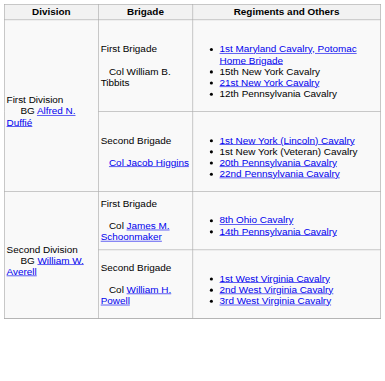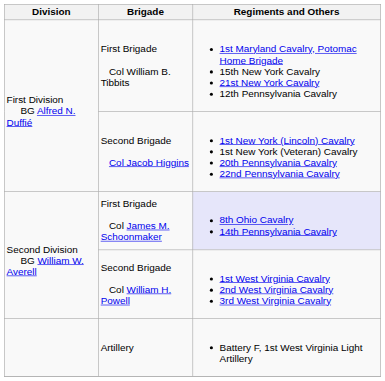 <table class="wikitable">
 <tr>
 <th width=25%>Division</th>
 <th width=25%>Brigade</th>
 <th>Regiments and Others</th>
 </tr>
 <tr>
 <td rowspan= 2><br>First Division<br>     BG <a href='#'>Alfred N. Duffié</a></td>
 <td>First Brigade<br><br>   Col William B. Tibbits</td>
 <td><br><ul><li><a href='#'>1st Maryland Cavalry, Potomac Home Brigade</a></li><li>15th New York Cavalry</li><li><a href='#'>21st New York Cavalry</a></li><li>12th Pennsylvania Cavalry</li></ul></td>
 </tr>
 <tr>
 <td>Second Brigade<br><br>   <a href='#'>Col Jacob Higgins</a></td>
 <td><br><ul><li><a href='#'>1st New York (Lincoln) Cavalry</a></li><li>1st New York (Veteran) Cavalry</li><li><a href='#'>20th Pennsylvania Cavalry</a></li><li><a href='#'>22nd Pennsylvania Cavalry</a></li></ul></td>
 </tr>
 <tr>
 <td rowspan= 2><br>Second Division<br>     BG <a href='#'>William W. Averell</a></td>
 <td>First Brigade<br><br>   Col <a href='#'>James M. Schoonmaker</a></td>
-<td><br><ul><li><a href='#'>8th Ohio Cavalry</a></li><li><a href='#'>14th Pennsylvania Cavalry</a></li></ul></td>
+<td style="background: lavender;"><br><ul><li><a href='#'>8th Ohio Cavalry</a></li><li><a href='#'>14th Pennsylvania Cavalry</a></li></ul></td>
 </tr>
 <tr>
 <td>Second Brigade<br><br>   Col <a href='#'>William H. Powell</a></td>
 <td><br><ul><li><a href='#'>1st West Virginia Cavalry</a></li><li><a href='#'>2nd West Virginia Cavalry</a></li><li><a href='#'>3rd West Virginia Cavalry</a></li></ul></td>
 </tr>
 <tr>
+<td></td>
+<td>Artillery</td>
+<td><br><ul><li>Battery F, 1st West Virginia Light Artillery</li></ul></td>
+</tr>
+<tr>
 </tr>
 </table>
